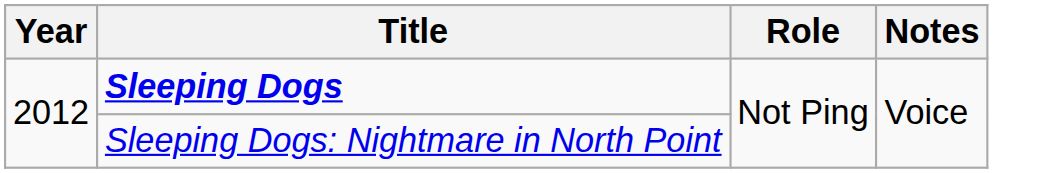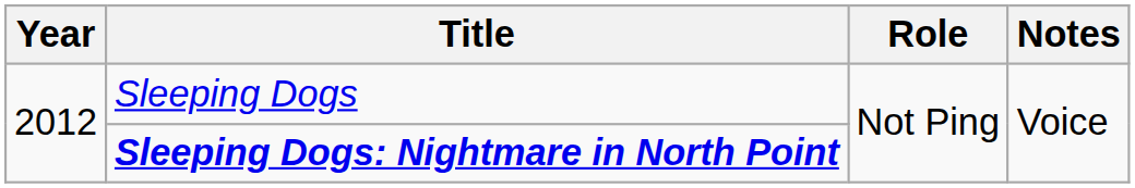 <table class="wikitable sortable">
 <tr>
 <th>Year</th>
 <th>Title</th>
 <th>Role</th>
 <th class="unsortable">Notes</th>
 </tr>
 <tr>
 <td rowspan="2">2012</td>
-<td><strong><em><a href='#'>Sleeping Dogs</a></em></strong></td>
+<td><em><a href='#'>Sleeping Dogs</a></em></td>
 <td rowspan="2">Not Ping</td>
 <td rowspan="2">Voice</td>
 </tr>
 <tr>
-<td><em><a href='#'>Sleeping Dogs: Nightmare in North Point</a></em></td>
+<td><strong><em><a href='#'>Sleeping Dogs: Nightmare in North Point</a></em></strong></td>
 </tr>
 </table>
